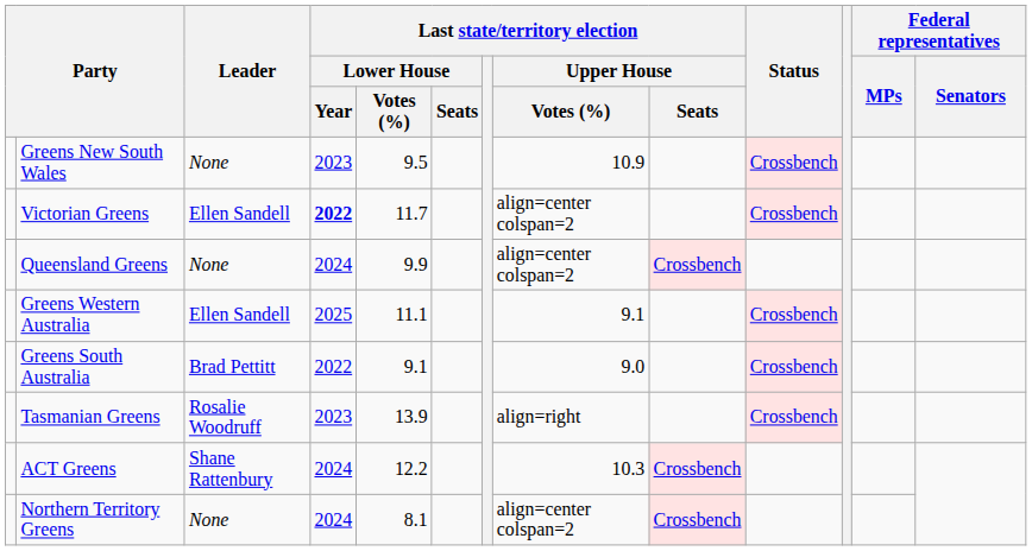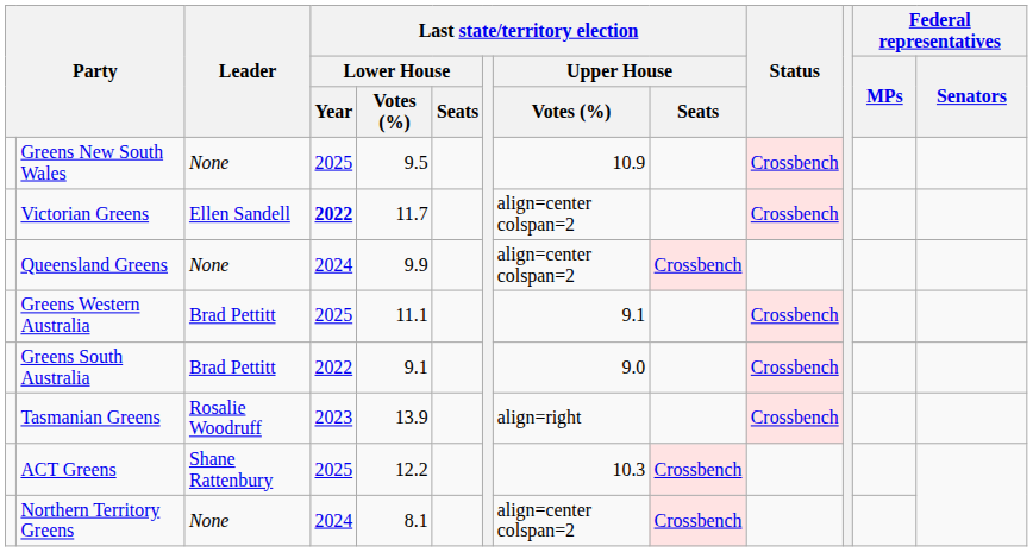 <table class="wikitable">
 <tr>
 <th colspan="2" rowspan="3">Party</th>
 <th rowspan="3">Leader</th>
 <th colspan="6">Last <a href='#'>state/territory election</a></th>
 <th rowspan="3">Status</th>
 <th rowspan="11" style="width:1px"></th>
 <th colspan="2"><a href='#'>Federal representatives</a></th>
 </tr>
 <tr>
 <th colspan="3">Lower House</th>
 <th rowspan="10" style="width:1px"></th>
 <th colspan="2">Upper House</th>
 <th rowspan="2"><a href='#'>MPs</a></th>
 <th rowspan="2"><a href='#'>Senators</a></th>
 </tr>
 <tr>
 <th>Year</th>
 <th>Votes (%)</th>
 <th>Seats</th>
 <th>Votes (%)</th>
 <th>Seats</th>
 </tr>
 <tr>
 <td style="width:2px;background:"></td>
 <td><a href='#'>Greens New South Wales</a></td>
 <td><em>None</em></td>
-<td align="center"><a href='#'>2023</a></td>
+<td align="center"><a href='#'>2025</a></td>
 <td align="right">9.5</td>
 <td></td>
 <td align="right">10.9</td>
 <td></td>
 <td bgcolor="#FFE3E3" align="center"><a href='#'>Crossbench</a></td>
 <td></td>
 <td></td>
 </tr>
 <tr>
 <td style="width:2px;background:"></td>
 <td><a href='#'>Victorian Greens</a></td>
 <td><a href='#'>Ellen Sandell</a></td>
 <td align="center"><strong><a href='#'>2022</a></strong></td>
 <td align="right">11.7</td>
 <td></td>
 <td>align=center colspan=2 </td>
 <td></td>
 <td bgcolor="#FFE3E3" align="center"><a href='#'>Crossbench</a></td>
 <td></td>
 <td></td>
 </tr>
 <tr>
 <td style="width:2px;background:"></td>
 <td><a href='#'>Queensland Greens</a></td>
 <td><em>None</em></td>
 <td align="center"><a href='#'>2024</a></td>
 <td align="right">9.9</td>
 <td></td>
 <td>align=center colspan=2 </td>
 <td bgcolor="#FFE3E3" align="center"><a href='#'>Crossbench</a></td>
 <td></td>
 <td></td>
 </tr>
 <tr>
 <td style="width:2px;background:"></td>
 <td><a href='#'>Greens Western Australia</a></td>
-<td><a href='#'>Ellen Sandell</a></td>
+<td><a href='#'>Brad Pettitt</a></td>
 <td align="center"><a href='#'>2025</a></td>
 <td align="right">11.1</td>
 <td></td>
 <td align="right">9.1</td>
 <td></td>
 <td bgcolor="#FFE3E3" align="center"><a href='#'>Crossbench</a></td>
 <td></td>
 <td></td>
 </tr>
 <tr>
 <td style="width:2px;background:"></td>
 <td><a href='#'>Greens South Australia</a></td>
 <td><a href='#'>Brad Pettitt</a></td>
 <td align="center"><a href='#'>2022</a></td>
 <td align="right">9.1</td>
 <td></td>
 <td align="right">9.0</td>
 <td></td>
 <td bgcolor="#FFE3E3" align="center"><a href='#'>Crossbench</a></td>
 <td></td>
 <td></td>
 </tr>
 <tr>
 <td style="width:2px;background:"></td>
 <td><a href='#'>Tasmanian Greens</a></td>
 <td><a href='#'>Rosalie Woodruff</a></td>
 <td align="center"><a href='#'>2023</a></td>
 <td align="right">13.9</td>
 <td></td>
 <td>align=right </td>
 <td></td>
 <td bgcolor="#FFE3E3" align="center"><a href='#'>Crossbench</a></td>
 <td></td>
 <td></td>
 </tr>
 <tr>
 <td style="width:2px;background:"></td>
 <td><a href='#'>ACT Greens</a></td>
 <td><a href='#'>Shane Rattenbury</a></td>
-<td align="center"><a href='#'>2024</a></td>
+<td align="center"><a href='#'>2025</a></td>
 <td align="right">12.2</td>
 <td></td>
 <td align="right">10.3</td>
 <td bgcolor="#FFE3E3" align="center"><a href='#'>Crossbench</a></td>
 <td></td>
 <td></td>
 </tr>
 <tr>
 <td style="width:2px;background:"></td>
 <td><a href='#'>Northern Territory Greens</a></td>
 <td><em>None</em></td>
 <td align="center"><a href='#'>2024</a></td>
 <td align="right">8.1</td>
 <td></td>
 <td>align=center colspan=2 </td>
 <td bgcolor="#FFE3E3" align="center"><a href='#'>Crossbench</a></td>
 <td></td>
 <td></td>
 </tr>
 </table>
